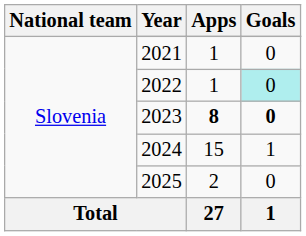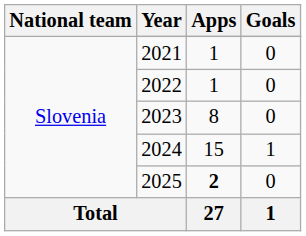 <table class="wikitable" style="text-align:center">
 <tr>
 <th>National team</th>
 <th>Year</th>
 <th>Apps</th>
 <th>Goals</th>
 </tr>
 <tr>
 <td rowspan="6"><a href='#'>Slovenia</a></td>
 </tr>
 <tr>
 <td>2021</td>
 <td>1</td>
 <td>0</td>
 </tr>
 <tr>
 <td>2022</td>
 <td>1</td>
-<td style="background: paleturquoise;">0</td>
+<td>0</td>
 </tr>
 <tr>
 <td>2023</td>
-<td><strong>8</strong></td>
-<td><strong>0</strong></td>
+<td>8</td>
+<td>0</td>
 </tr>
 <tr>
 <td>2024</td>
 <td>15</td>
 <td>1</td>
 </tr>
 <tr>
 <td>2025</td>
-<td>2</td>
+<td><strong>2</strong></td>
 <td>0</td>
 </tr>
 <tr>
 <th colspan=2>Total</th>
 <th>27</th>
 <th>1</th>
 </tr>
 </table>
